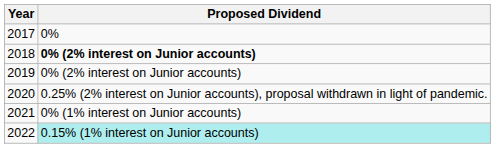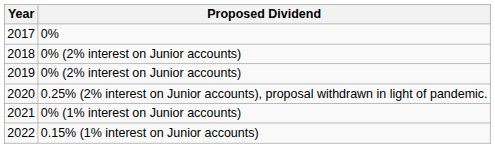 <table class="wikitable">
 <tr>
 <th>Year</th>
 <th>Proposed Dividend</th>
 </tr>
 <tr>
 <td>2017</td>
 <td>0%</td>
 </tr>
 <tr>
 <td>2018</td>
-<td><strong>0% (2% interest on Junior accounts)</strong></td>
+<td>0% (2% interest on Junior accounts)</td>
 </tr>
 <tr>
 <td>2019</td>
 <td>0% (2% interest on Junior accounts)</td>
 </tr>
 <tr>
 <td>2020</td>
 <td>0.25% (2% interest on Junior accounts), proposal withdrawn in light of pandemic.</td>
 </tr>
 <tr>
 <td>2021</td>
 <td>0% (1% interest on Junior accounts)</td>
 </tr>
 <tr>
 <td>2022</td>
-<td style="background: paleturquoise;">0.15% (1% interest on Junior accounts)</td>
+<td>0.15% (1% interest on Junior accounts)</td>
 </tr>
 </table>
